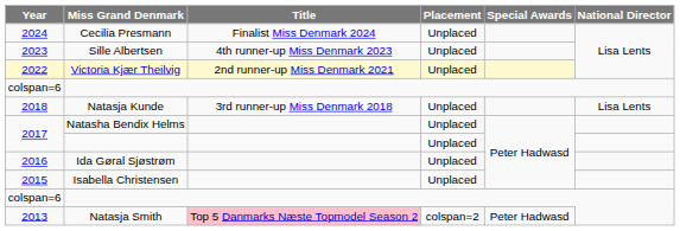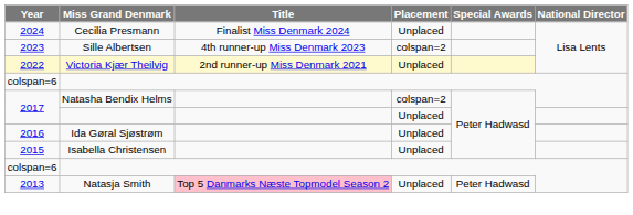 <table class="wikitable" style="font-size: 90%; text-align:center">
 <tr>
 <th style="background-color:#787878;color:#FFFFFF;">Year</th>
 <th style="background-color:#787878;color:#FFFFFF;">Miss Grand Denmark</th>
 <th style="background-color:#787878;color:#FFFFFF;">Title</th>
 <th style="background-color:#787878;color:#FFFFFF;">Placement</th>
 <th style="background-color:#787878;color:#FFFFFF;">Special Awards</th>
 <th style="background-color:#787878;color:#FFFFFF;">National Director</th>
 </tr>
 <tr>
 <td><a href='#'>2024</a></td>
 <td>Cecilia Presmann</td>
 <td>Finalist <a href='#'>Miss Denmark 2024</a></td>
 <td>Unplaced</td>
 <td></td>
 <td rowspan=3>Lisa Lents</td>
 </tr>
 <tr>
 <td><a href='#'>2023</a></td>
 <td>Sille Albertsen</td>
 <td>4th runner-up <a href='#'>Miss Denmark 2023</a></td>
-<td>Unplaced</td>
+<td>colspan=2 </td>
 <td></td>
 </tr>
 <tr bgcolor=#FFFACD>
 <td><a href='#'>2022</a></td>
 <td><a href='#'>Victoria Kjær Theilvig</a></td>
 <td>2nd runner-up <a href='#'>Miss Denmark 2021</a></td>
 <td>Unplaced</td>
 <td></td>
 </tr>
 <tr>
 <td>colspan=6 </td>
 </tr>
 <tr>
-<td><a href='#'>2018</a></td>
-<td>Natasja Kunde</td>
-<td>3rd runner-up <a href='#'>Miss Denmark 2018</a></td>
-<td>Unplaced</td>
-<td></td>
-<td>Lisa Lents</td>
-</tr>
-<tr>
 <td rowspan=2><a href='#'>2017</a></td>
 <td>Natasha Bendix Helms</td>
 <td></td>
-<td>Unplaced</td>
+<td>colspan=2 </td>
 <td rowspan=4>Peter Hadwasd</td>
 </tr>
 <tr>
 <td></td>
 <td></td>
 <td>Unplaced</td>
 <td></td>
 </tr>
 <tr>
 <td><a href='#'>2016</a></td>
 <td>Ida Gøral Sjøstrøm</td>
 <td></td>
 <td>Unplaced</td>
 <td></td>
 </tr>
 <tr>
 <td><a href='#'>2015</a></td>
 <td>Isabella Christensen</td>
 <td></td>
 <td>Unplaced</td>
 <td></td>
 </tr>
 <tr>
 <td>colspan=6 </td>
 </tr>
 <tr>
 <td><a href='#'>2013</a></td>
 <td>Natasja Smith</td>
 <td style="background: pink;">Top 5 <a href='#'>Danmarks Næste Topmodel Season 2</a></td>
-<td>colspan=2 </td>
+<td>Unplaced</td>
 <td>Peter Hadwasd</td>
 </tr>
 </table>
